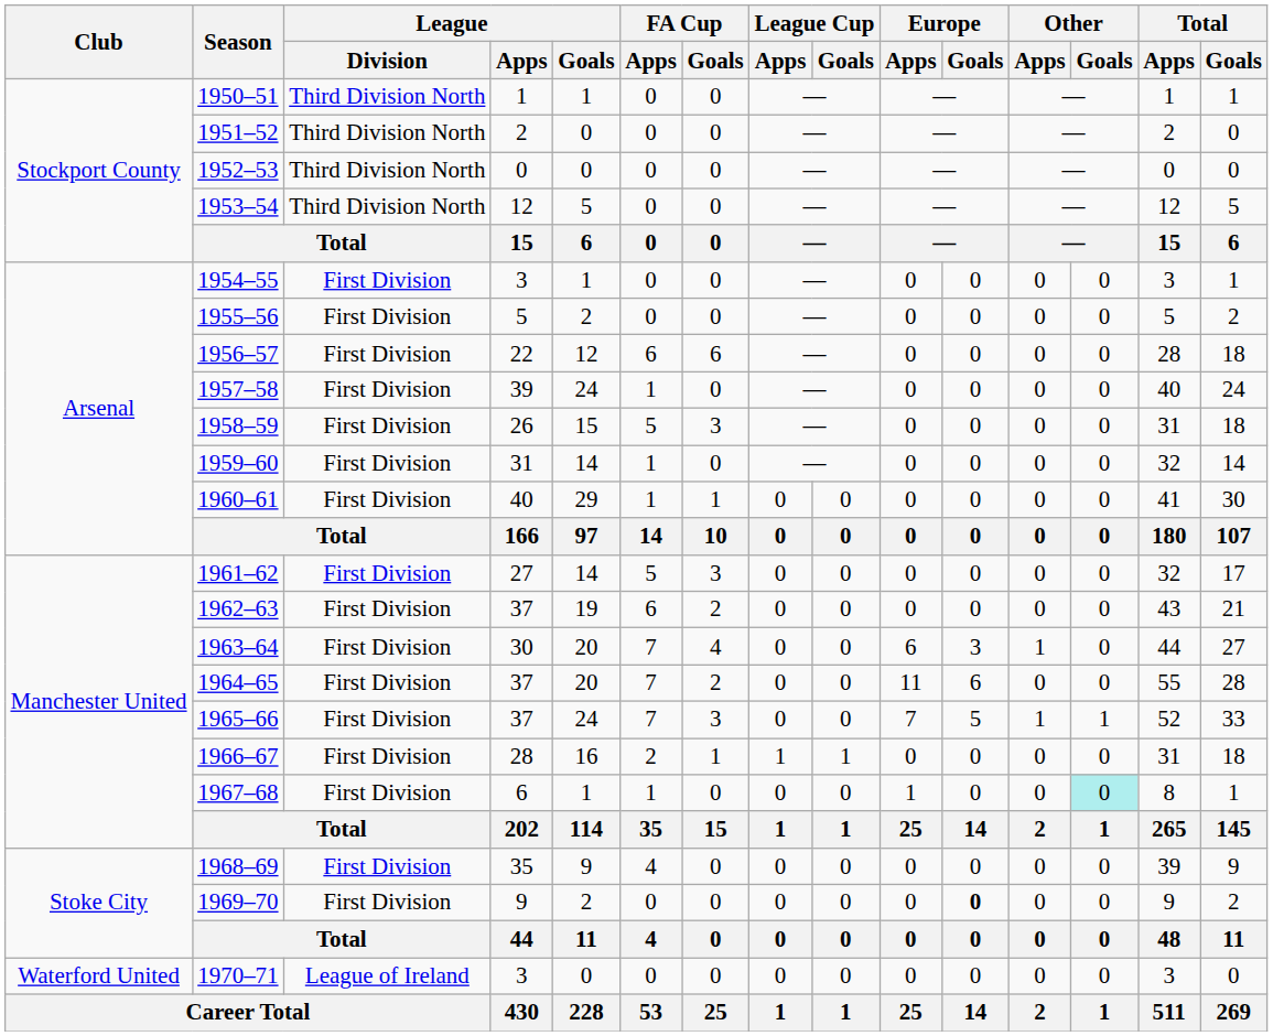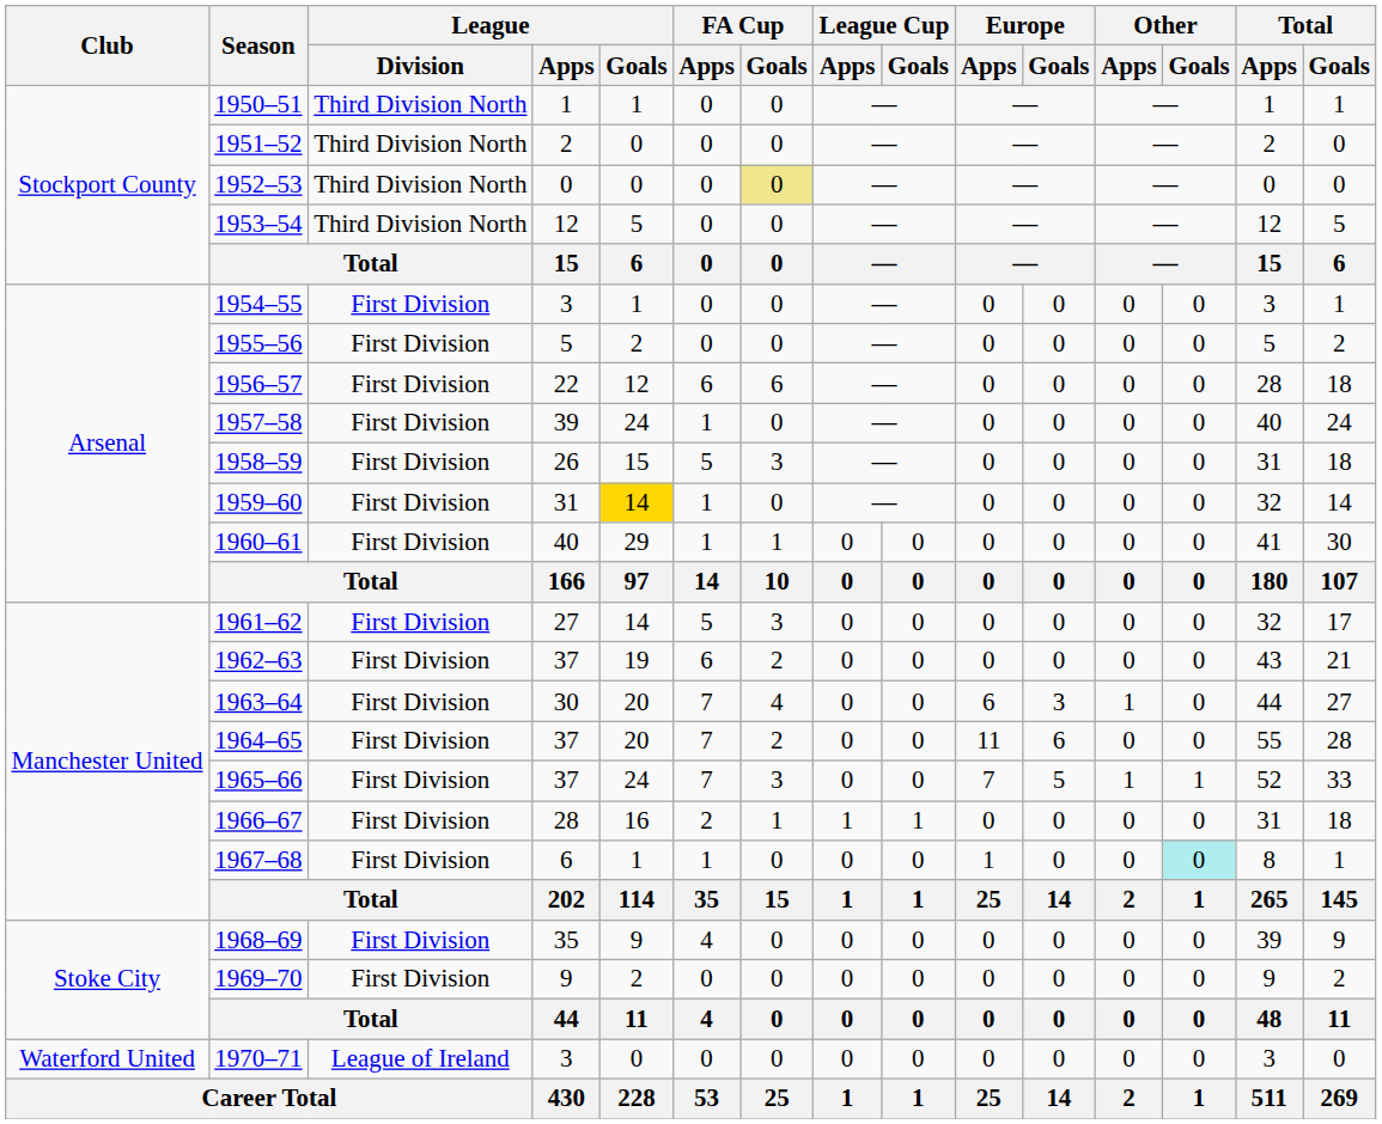 <table class="wikitable" style="text-align: center;">
 <tr>
 <th rowspan="2">Club</th>
 <th rowspan="2">Season</th>
 <th colspan="3">League</th>
 <th colspan="2">FA Cup</th>
 <th colspan="2">League Cup</th>
 <th colspan="2">Europe</th>
 <th colspan="2">Other</th>
 <th colspan="2">Total</th>
 </tr>
 <tr>
 <th>Division</th>
 <th>Apps</th>
 <th>Goals</th>
 <th>Apps</th>
 <th>Goals</th>
 <th>Apps</th>
 <th>Goals</th>
 <th>Apps</th>
 <th>Goals</th>
 <th>Apps</th>
 <th>Goals</th>
 <th>Apps</th>
 <th>Goals</th>
 </tr>
 <tr>
 <td rowspan="5"><a href='#'>Stockport County</a></td>
 <td><a href='#'>1950–51</a></td>
 <td><a href='#'>Third Division North</a></td>
 <td>1</td>
 <td>1</td>
 <td>0</td>
 <td>0</td>
 <td colspan="2">—</td>
 <td colspan="2">—</td>
 <td colspan="2">—</td>
 <td>1</td>
 <td>1</td>
 </tr>
 <tr>
 <td><a href='#'>1951–52</a></td>
 <td>Third Division North</td>
 <td>2</td>
 <td>0</td>
 <td>0</td>
 <td>0</td>
 <td colspan="2">—</td>
 <td colspan="2">—</td>
 <td colspan="2">—</td>
 <td>2</td>
 <td>0</td>
 </tr>
 <tr>
 <td><a href='#'>1952–53</a></td>
 <td>Third Division North</td>
 <td>0</td>
 <td>0</td>
 <td>0</td>
-<td>0</td>
+<td style="background: khaki;">0</td>
 <td colspan="2">—</td>
 <td colspan="2">—</td>
 <td colspan="2">—</td>
 <td>0</td>
 <td>0</td>
 </tr>
 <tr>
 <td><a href='#'>1953–54</a></td>
 <td>Third Division North</td>
 <td>12</td>
 <td>5</td>
 <td>0</td>
 <td>0</td>
 <td colspan="2">—</td>
 <td colspan="2">—</td>
 <td colspan="2">—</td>
 <td>12</td>
 <td>5</td>
 </tr>
 <tr>
 <th colspan="2">Total</th>
 <th>15</th>
 <th>6</th>
 <th>0</th>
 <th>0</th>
 <th colspan="2">—</th>
 <th colspan="2">—</th>
 <th colspan="2">—</th>
 <th>15</th>
 <th>6</th>
 </tr>
 <tr>
 <td rowspan="8"><a href='#'>Arsenal</a></td>
 <td><a href='#'>1954–55</a></td>
 <td><a href='#'>First Division</a></td>
 <td>3</td>
 <td>1</td>
 <td>0</td>
 <td>0</td>
 <td colspan="2">—</td>
 <td>0</td>
 <td>0</td>
 <td>0</td>
 <td>0</td>
 <td>3</td>
 <td>1</td>
 </tr>
 <tr>
 <td><a href='#'>1955–56</a></td>
 <td>First Division</td>
 <td>5</td>
 <td>2</td>
 <td>0</td>
 <td>0</td>
 <td colspan="2">—</td>
 <td>0</td>
 <td>0</td>
 <td>0</td>
 <td>0</td>
 <td>5</td>
 <td>2</td>
 </tr>
 <tr>
 <td><a href='#'>1956–57</a></td>
 <td>First Division</td>
 <td>22</td>
 <td>12</td>
 <td>6</td>
 <td>6</td>
 <td colspan="2">—</td>
 <td>0</td>
 <td>0</td>
 <td>0</td>
 <td>0</td>
 <td>28</td>
 <td>18</td>
 </tr>
 <tr>
 <td><a href='#'>1957–58</a></td>
 <td>First Division</td>
 <td>39</td>
 <td>24</td>
 <td>1</td>
 <td>0</td>
 <td colspan="2">—</td>
 <td>0</td>
 <td>0</td>
 <td>0</td>
 <td>0</td>
 <td>40</td>
 <td>24</td>
 </tr>
 <tr>
 <td><a href='#'>1958–59</a></td>
 <td>First Division</td>
 <td>26</td>
 <td>15</td>
 <td>5</td>
 <td>3</td>
 <td colspan="2">—</td>
 <td>0</td>
 <td>0</td>
 <td>0</td>
 <td>0</td>
 <td>31</td>
 <td>18</td>
 </tr>
 <tr>
 <td><a href='#'>1959–60</a></td>
 <td>First Division</td>
 <td>31</td>
-<td>14</td>
+<td style="background: gold;">14</td>
 <td>1</td>
 <td>0</td>
 <td colspan="2">—</td>
 <td>0</td>
 <td>0</td>
 <td>0</td>
 <td>0</td>
 <td>32</td>
 <td>14</td>
 </tr>
 <tr>
 <td><a href='#'>1960–61</a></td>
 <td>First Division</td>
 <td>40</td>
 <td>29</td>
 <td>1</td>
 <td>1</td>
 <td>0</td>
 <td>0</td>
 <td>0</td>
 <td>0</td>
 <td>0</td>
 <td>0</td>
 <td>41</td>
 <td>30</td>
 </tr>
 <tr>
 <th colspan="2">Total</th>
 <th>166</th>
 <th>97</th>
 <th>14</th>
 <th>10</th>
 <th>0</th>
 <th>0</th>
 <th>0</th>
 <th>0</th>
 <th>0</th>
 <th>0</th>
 <th>180</th>
 <th>107</th>
 </tr>
 <tr>
 <td rowspan="8"><a href='#'>Manchester United</a></td>
 <td><a href='#'>1961–62</a></td>
 <td><a href='#'>First Division</a></td>
 <td>27</td>
 <td>14</td>
 <td>5</td>
 <td>3</td>
 <td>0</td>
 <td>0</td>
 <td>0</td>
 <td>0</td>
 <td>0</td>
 <td>0</td>
 <td>32</td>
 <td>17</td>
 </tr>
 <tr>
 <td><a href='#'>1962–63</a></td>
 <td>First Division</td>
 <td>37</td>
 <td>19</td>
 <td>6</td>
 <td>2</td>
 <td>0</td>
 <td>0</td>
 <td>0</td>
 <td>0</td>
 <td>0</td>
 <td>0</td>
 <td>43</td>
 <td>21</td>
 </tr>
 <tr>
 <td><a href='#'>1963–64</a></td>
 <td>First Division</td>
 <td>30</td>
 <td>20</td>
 <td>7</td>
 <td>4</td>
 <td>0</td>
 <td>0</td>
 <td>6</td>
 <td>3</td>
 <td>1</td>
 <td>0</td>
 <td>44</td>
 <td>27</td>
 </tr>
 <tr>
 <td><a href='#'>1964–65</a></td>
 <td>First Division</td>
 <td>37</td>
 <td>20</td>
 <td>7</td>
 <td>2</td>
 <td>0</td>
 <td>0</td>
 <td>11</td>
 <td>6</td>
 <td>0</td>
 <td>0</td>
 <td>55</td>
 <td>28</td>
 </tr>
 <tr>
 <td><a href='#'>1965–66</a></td>
 <td>First Division</td>
 <td>37</td>
 <td>24</td>
 <td>7</td>
 <td>3</td>
 <td>0</td>
 <td>0</td>
 <td>7</td>
 <td>5</td>
 <td>1</td>
 <td>1</td>
 <td>52</td>
 <td>33</td>
 </tr>
 <tr>
 <td><a href='#'>1966–67</a></td>
 <td>First Division</td>
 <td>28</td>
 <td>16</td>
 <td>2</td>
 <td>1</td>
 <td>1</td>
 <td>1</td>
 <td>0</td>
 <td>0</td>
 <td>0</td>
 <td>0</td>
 <td>31</td>
 <td>18</td>
 </tr>
 <tr>
 <td><a href='#'>1967–68</a></td>
 <td>First Division</td>
 <td>6</td>
 <td>1</td>
 <td>1</td>
 <td>0</td>
 <td>0</td>
 <td>0</td>
 <td>1</td>
 <td>0</td>
 <td>0</td>
 <td style="background: paleturquoise;">0</td>
 <td>8</td>
 <td>1</td>
 </tr>
 <tr>
 <th colspan="2">Total</th>
 <th>202</th>
 <th>114</th>
 <th>35</th>
 <th>15</th>
 <th>1</th>
 <th>1</th>
 <th>25</th>
 <th>14</th>
 <th>2</th>
 <th>1</th>
 <th>265</th>
 <th>145</th>
 </tr>
 <tr>
 <td rowspan="3"><a href='#'>Stoke City</a></td>
 <td><a href='#'>1968–69</a></td>
 <td><a href='#'>First Division</a></td>
 <td>35</td>
 <td>9</td>
 <td>4</td>
 <td>0</td>
 <td>0</td>
 <td>0</td>
 <td>0</td>
 <td>0</td>
 <td>0</td>
 <td>0</td>
 <td>39</td>
 <td>9</td>
 </tr>
 <tr>
 <td><a href='#'>1969–70</a></td>
 <td>First Division</td>
 <td>9</td>
 <td>2</td>
 <td>0</td>
 <td>0</td>
 <td>0</td>
 <td>0</td>
 <td>0</td>
-<td><strong>0</strong></td>
+<td>0</td>
 <td>0</td>
 <td>0</td>
 <td>9</td>
 <td>2</td>
 </tr>
 <tr>
 <th colspan="2">Total</th>
 <th>44</th>
 <th>11</th>
 <th>4</th>
 <th>0</th>
 <th>0</th>
 <th>0</th>
 <th>0</th>
 <th>0</th>
 <th>0</th>
 <th>0</th>
 <th>48</th>
 <th>11</th>
 </tr>
 <tr>
 <td><a href='#'>Waterford United</a></td>
 <td><a href='#'>1970–71</a></td>
 <td><a href='#'>League of Ireland</a></td>
 <td>3</td>
 <td>0</td>
 <td>0</td>
 <td>0</td>
 <td>0</td>
 <td>0</td>
 <td>0</td>
 <td>0</td>
 <td>0</td>
 <td>0</td>
 <td>3</td>
 <td>0</td>
 </tr>
 <tr>
 <th colspan="3">Career Total</th>
 <th>430</th>
 <th>228</th>
 <th>53</th>
 <th>25</th>
 <th>1</th>
 <th>1</th>
 <th>25</th>
 <th>14</th>
 <th>2</th>
 <th>1</th>
 <th>511</th>
 <th>269</th>
 </tr>
 </table>
